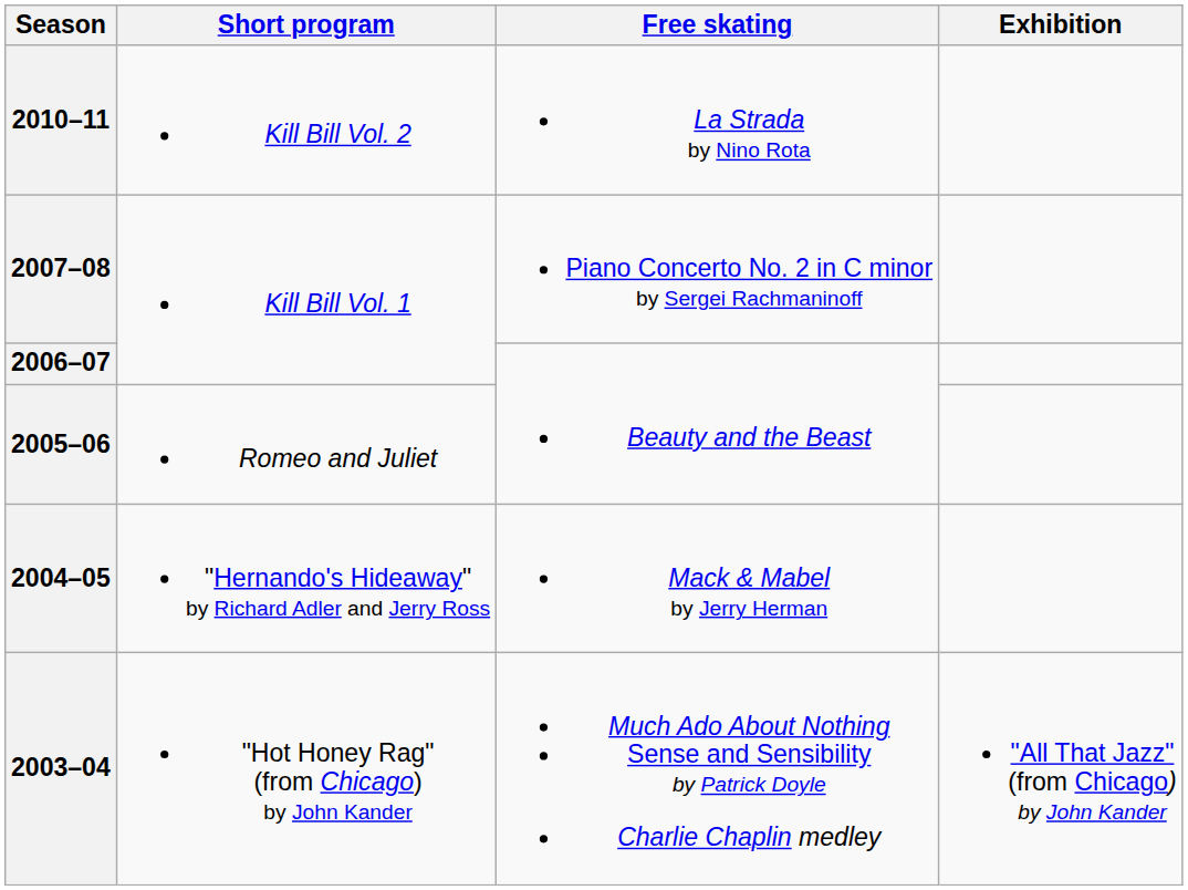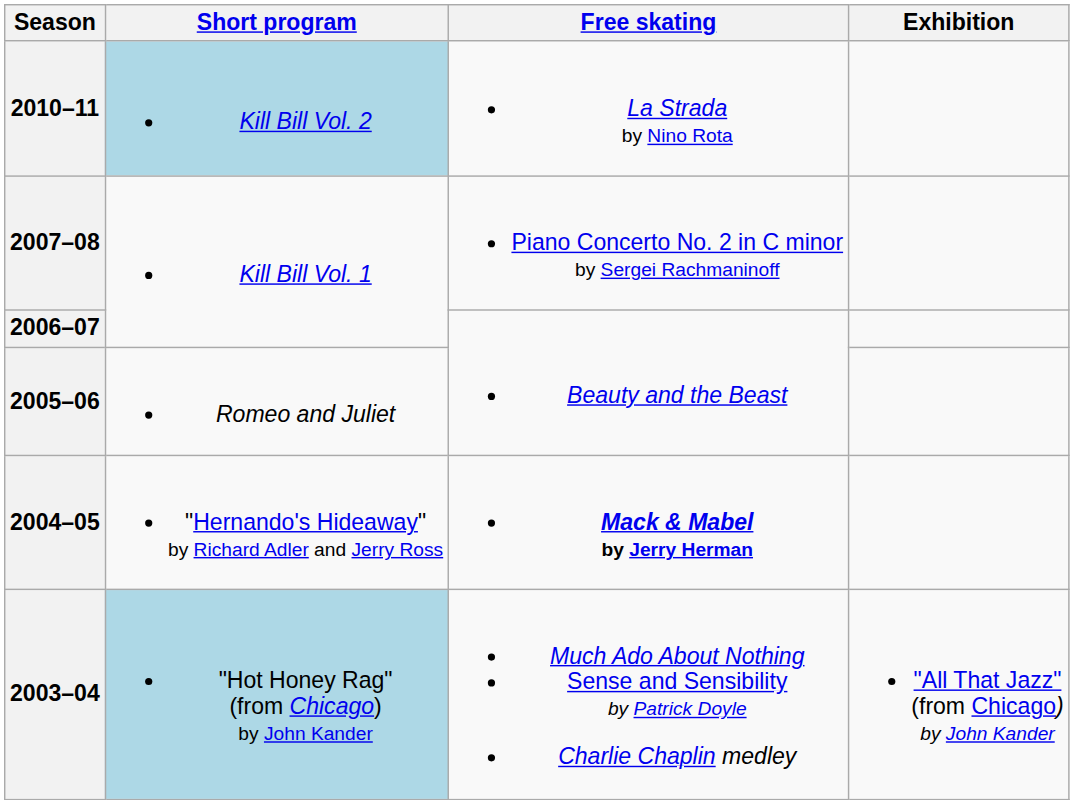 <table class="wikitable" style="text-align:center">
 <tr>
 <th>Season</th>
 <th><a href='#'>Short program</a></th>
 <th><a href='#'>Free skating</a></th>
 <th>Exhibition</th>
 </tr>
 <tr>
 <th>2010–11</th>
-<td><br><ul><li><a href='#'><em>Kill Bill Vol. 2</em></a></li></ul></td>
+<td style="background: lightblue;"><br><ul><li><a href='#'><em>Kill Bill Vol. 2</em></a></li></ul></td>
 <td><br><ul><li><em><a href='#'>La Strada</a></em> <br><small> by <a href='#'>Nino Rota</a> </small></li></ul></td>
 <td></td>
 </tr>
 <tr>
 <th>2007–08</th>
 <td rowspan=2><br><ul><li><a href='#'><em>Kill Bill Vol. 1</em></a></li></ul></td>
 <td><br><ul><li><a href='#'>Piano Concerto No. 2 in C minor</a> <br><small> by <a href='#'>Sergei Rachmaninoff</a> </small></li></ul></td>
 <td></td>
 </tr>
 <tr>
 <th>2006–07</th>
 <td rowspan=2><br><ul><li><a href='#'><em>Beauty and the Beast</em></a></li></ul></td>
 <td></td>
 </tr>
 <tr>
 <th>2005–06</th>
 <td><br><ul><li><em>Romeo and Juliet</em></li></ul></td>
 <td></td>
 </tr>
 <tr>
 <th>2004–05 <br> </th>
 <td><br><ul><li>"<a href='#'>Hernando's Hideaway</a>" <br><small> by <a href='#'>Richard Adler</a> and <a href='#'>Jerry Ross</a> </small></li></ul></td>
-<td><br><ul><li><em><a href='#'>Mack & Mabel</a></em> <br><small> by <a href='#'>Jerry Herman</a> </small></li></ul></td>
+<td><strong><br><ul><li><em><a href='#'>Mack & Mabel</a></em> <br><small> by <a href='#'>Jerry Herman</a> </small></li></ul></strong></td>
 <td></td>
 </tr>
 <tr>
 <th>2003–04 <br> </th>
-<td><br><ul><li>"Hot Honey Rag" <br> (from <a href='#'><em>Chicago</em></a>) <br><small> by <a href='#'>John Kander</a> </small></li></ul></td>
+<td style="background: lightblue;"><br><ul><li>"Hot Honey Rag" <br> (from <a href='#'><em>Chicago</em></a>) <br><small> by <a href='#'>John Kander</a> </small></li></ul></td>
 <td><br><ul><li><a href='#'><em>Much Ado About Nothing</em></a><em></li><li><a href='#'></em>Sense and Sensibility<em></a> <br><small> by <a href='#'>Patrick Doyle</a> </small></li></ul><ul><li><a href='#'>Charlie Chaplin</a> medley</li></ul></td>
 <td><br><ul><li><a href='#'>"All That Jazz"</a> <br> (from <a href='#'></em>Chicago<em></a>) <br><small> by <a href='#'>John Kander</a> </small></li></ul></td>
 </tr>
 </table>
